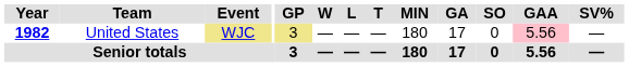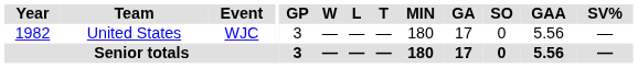 <table border="0" cellpadding="1" cellspacing="0" ID="Table3" style="text-align:center; width:40em">
 <tr ALIGN="center" bgcolor="#e0e0e0">
 <th>Year</th>
 <th>Team</th>
 <th>Event</th>
 <th rowspan="99" bgcolor="#ffffff"></th>
 <th>GP</th>
 <th>W</th>
 <th>L</th>
 <th>T</th>
 <th>MIN</th>
 <th>GA</th>
 <th>SO</th>
 <th>GAA</th>
 <th>SV%</th>
 </tr>
 <tr>
-<td><strong><a href='#'>1982</a></strong></td>
+<td><a href='#'>1982</a></td>
 <td><a href='#'>United States</a></td>
-<td style="background: khaki;"><a href='#'>WJC</a></td>
-<td style="background: khaki;">3</td>
+<td><a href='#'>WJC</a></td>
+<td>3</td>
 <td>—</td>
 <td>—</td>
 <td>—</td>
 <td>180</td>
 <td>17</td>
 <td>0</td>
-<td style="background: pink;">5.56</td>
+<td>5.56</td>
 <td>—</td>
 </tr>
 <tr bgcolor="#e0e0e0">
 <th colspan=4>Senior totals</th>
 <th>3</th>
 <th>—</th>
 <th>—</th>
 <th>—</th>
 <th>180</th>
 <th>17</th>
 <th>0</th>
 <th>5.56</th>
 <th>—</th>
 </tr>
 </table>
